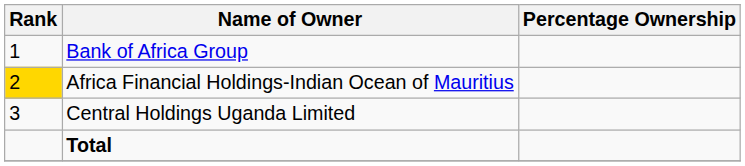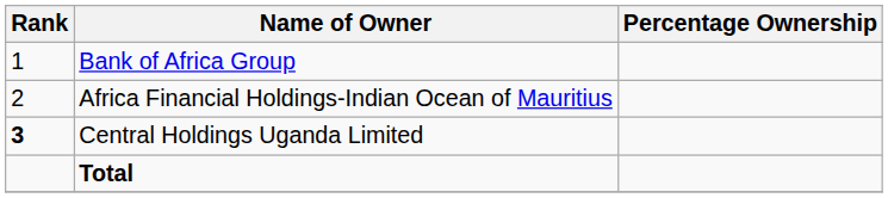 <table class="wikitable sortable">
 <tr>
 <th style="width:2em;">Rank</th>
 <th>Name of Owner</th>
 <th>Percentage Ownership</th>
 </tr>
 <tr>
 <td>1</td>
 <td><a href='#'>Bank of Africa Group</a></td>
 <td></td>
 </tr>
 <tr>
-<td style="background: gold;">2</td>
+<td>2</td>
 <td>Africa Financial Holdings-Indian Ocean of <a href='#'>Mauritius</a></td>
 <td></td>
 </tr>
 <tr>
-<td>3</td>
+<td><strong>3</strong></td>
 <td>Central Holdings Uganda Limited</td>
 <td></td>
 </tr>
 <tr>
 <td></td>
 <td><strong>Total</strong></td>
 <td></td>
 </tr>
 <tr>
 </tr>
 </table>
